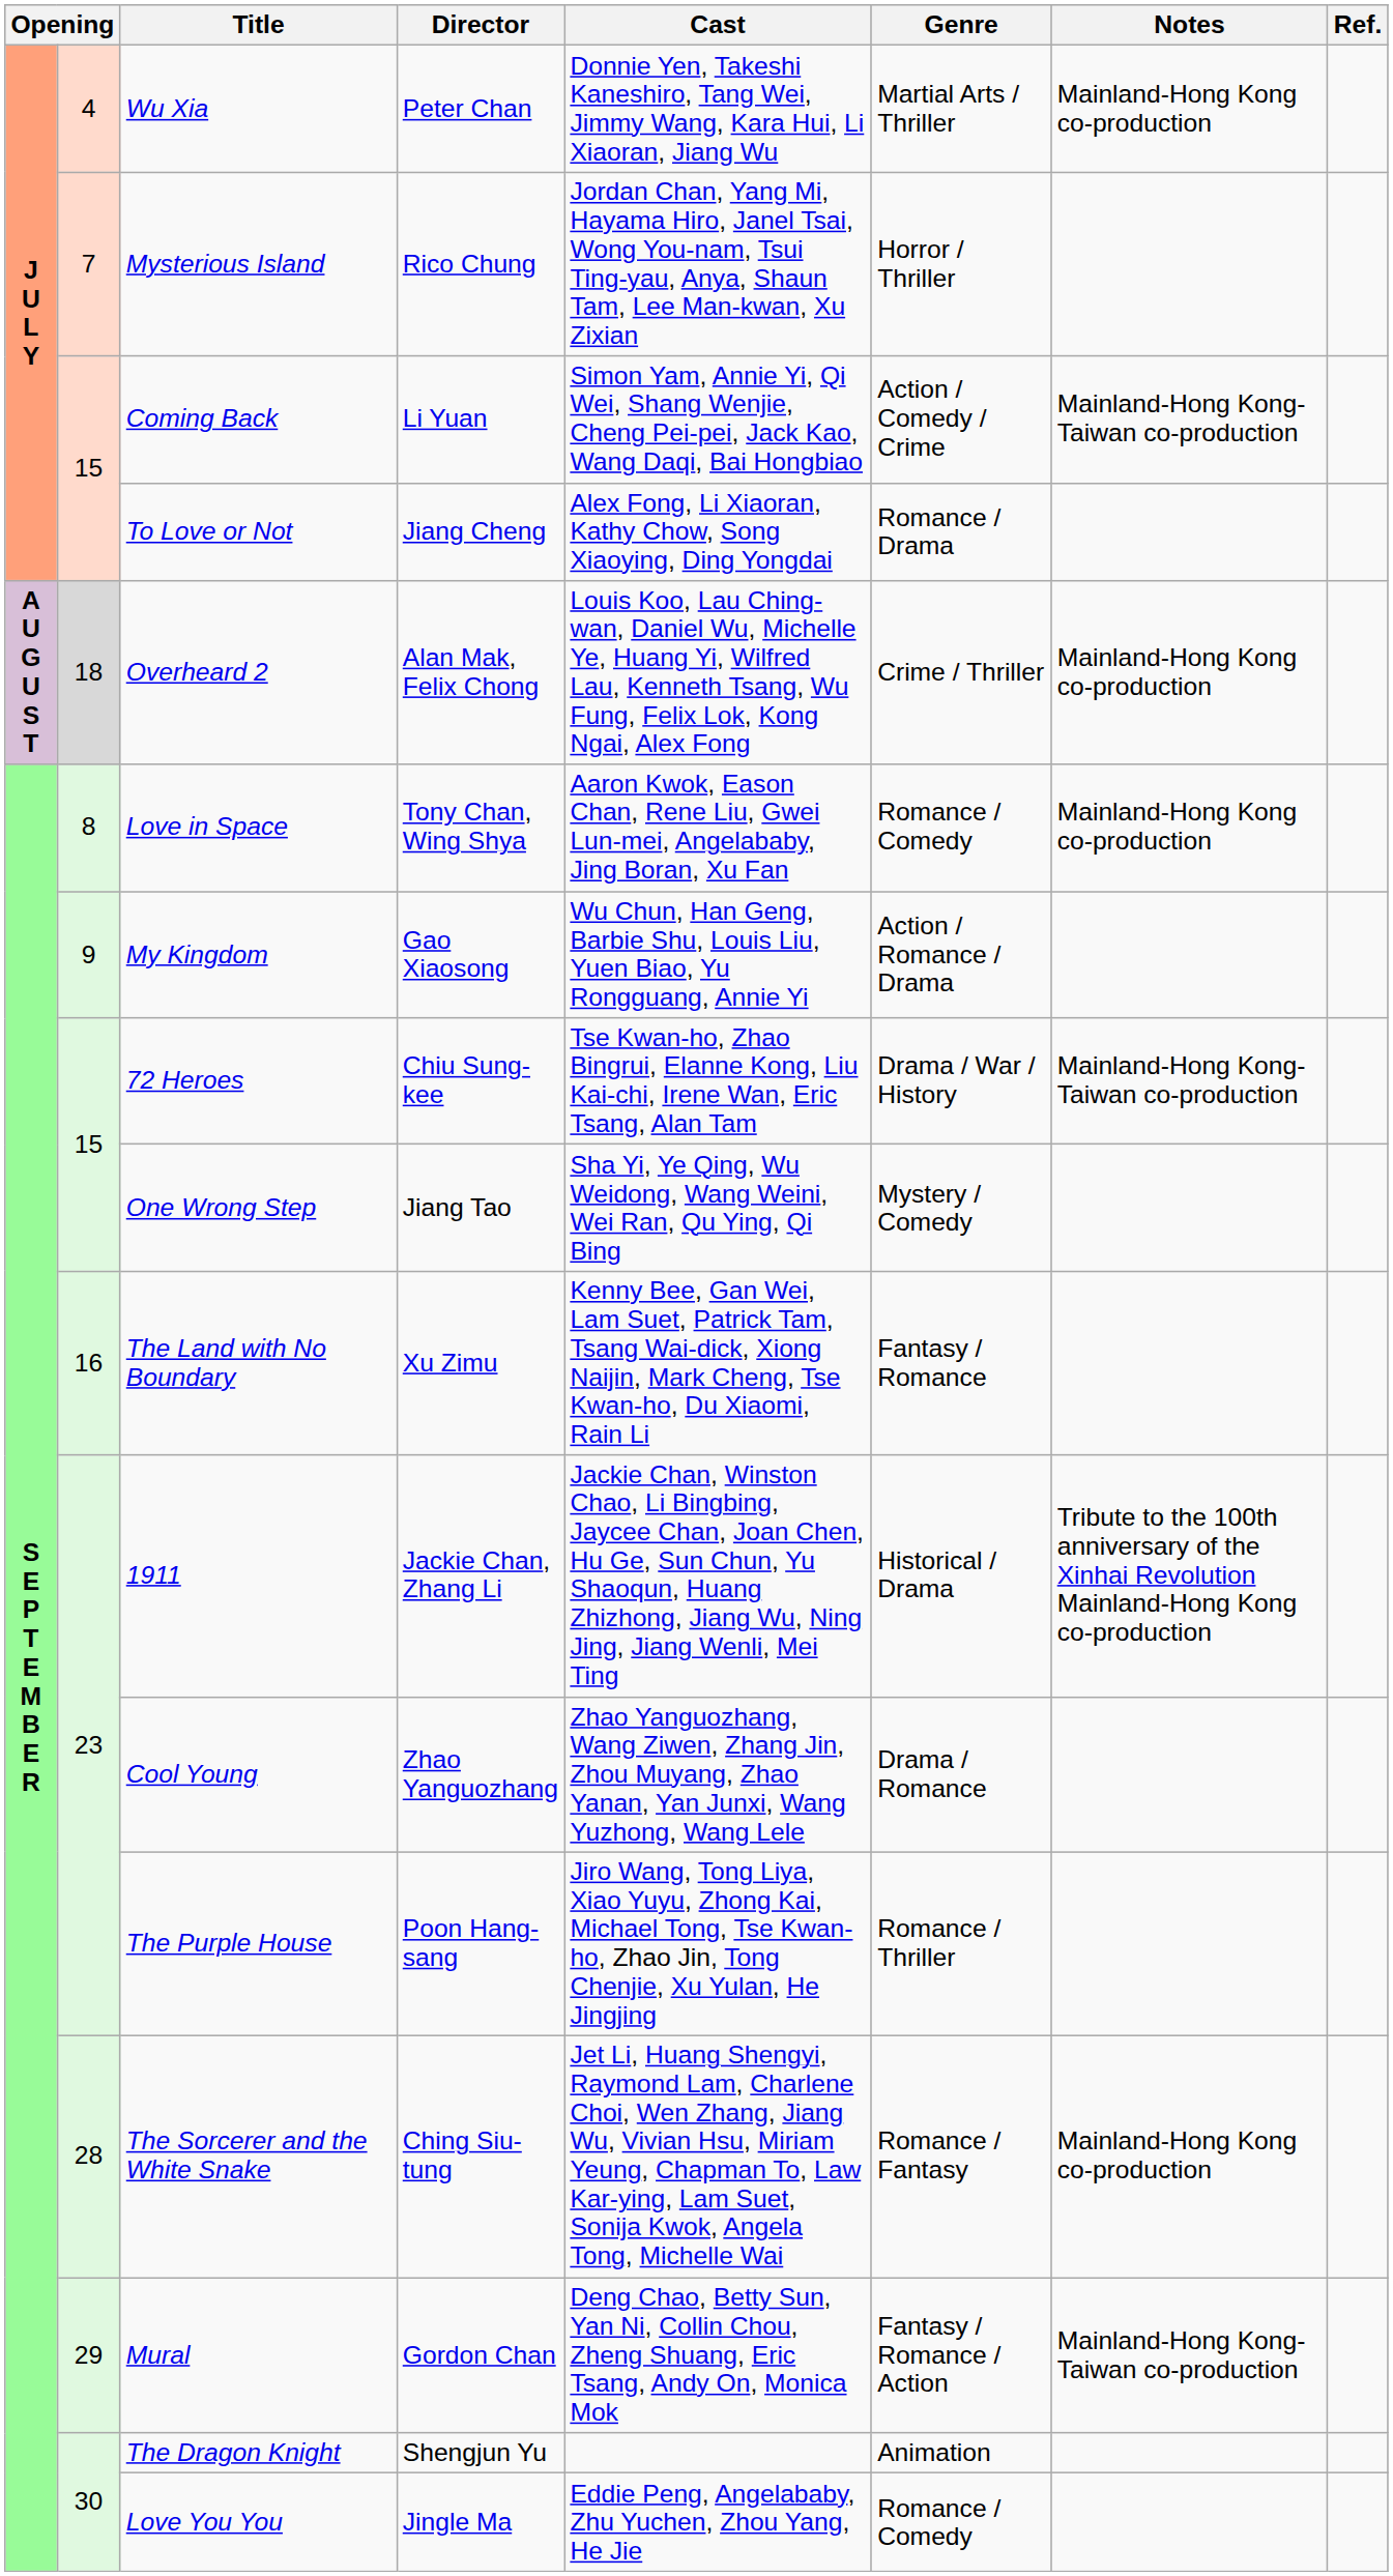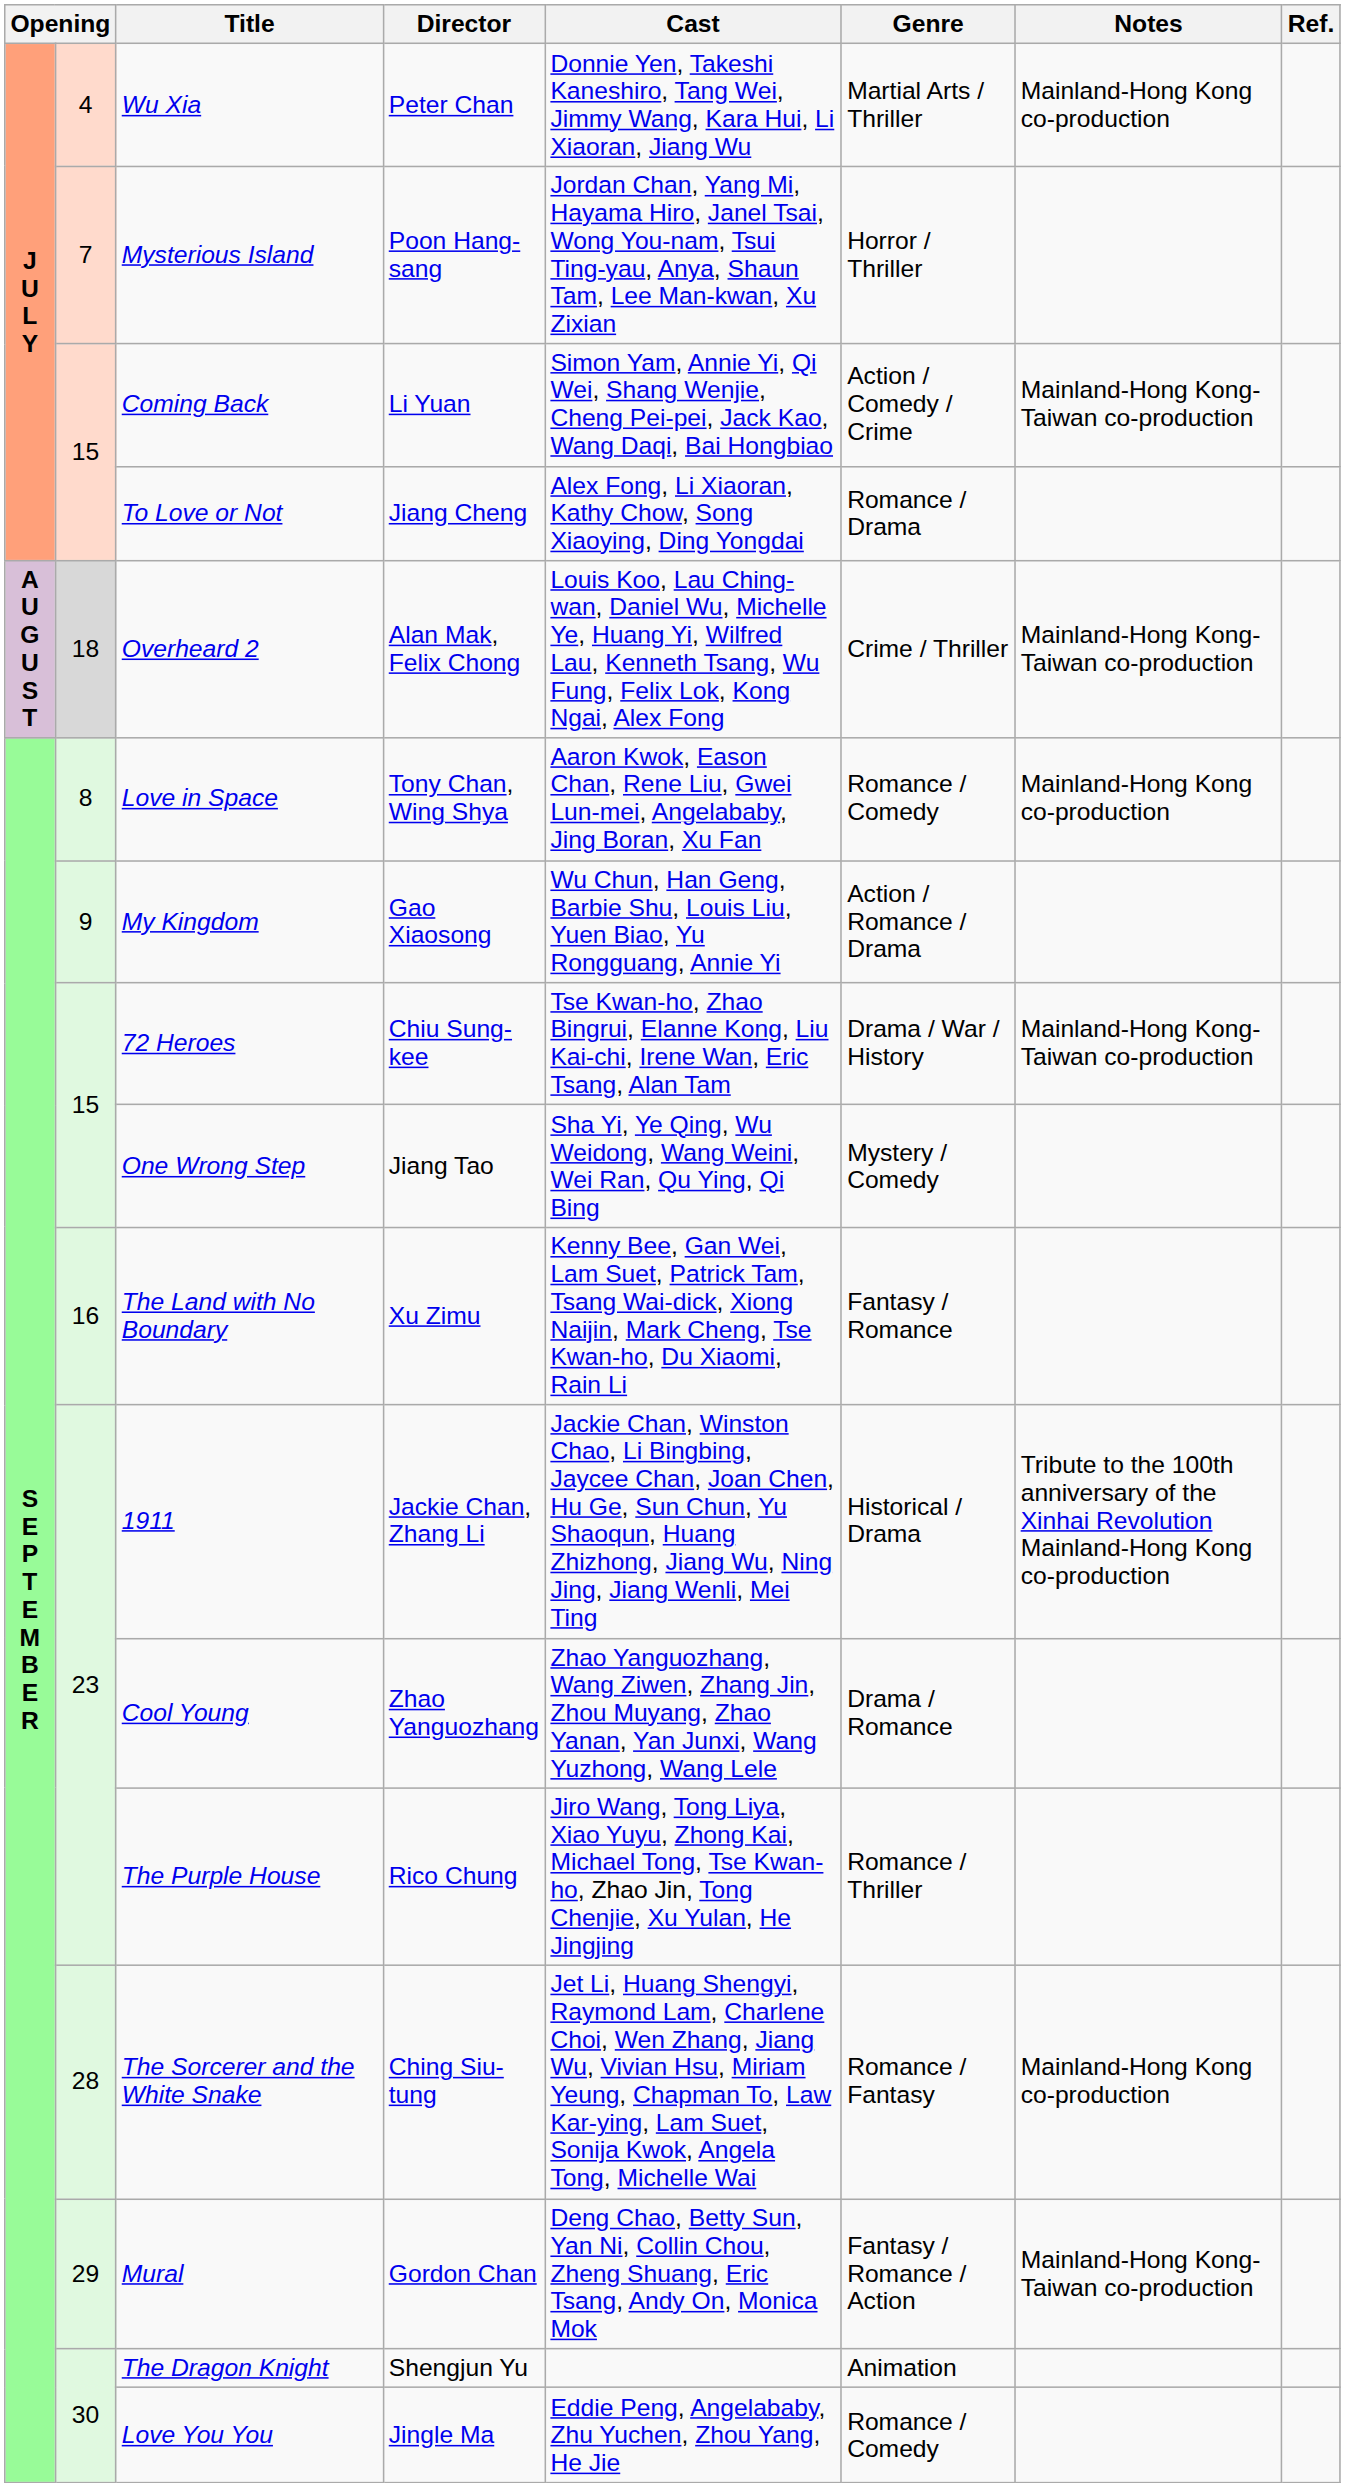 <table class="wikitable">
 <tr>
 <th colspan="2">Opening</th>
 <th style="width:20%;">Title</th>
 <th style="width:10%;">Director</th>
 <th>Cast</th>
 <th style="width:13%">Genre</th>
 <th style="width:20%">Notes</th>
 <th>Ref.</th>
 </tr>
 <tr>
 <th rowspan=4 style="text-align:center; background:#ffa07a; textcolor:#000;">J<br>U<br>L<br>Y</th>
 <td rowspan=1 style="text-align:center; background:#ffdacc; textcolor:#000;">4</td>
 <td><em><a href='#'>Wu Xia</a></em></td>
 <td><a href='#'>Peter Chan</a></td>
 <td><a href='#'>Donnie Yen</a>, <a href='#'>Takeshi Kaneshiro</a>, <a href='#'>Tang Wei</a>, <a href='#'>Jimmy Wang</a>, <a href='#'>Kara Hui</a>, <a href='#'>Li Xiaoran</a>, <a href='#'>Jiang Wu</a></td>
 <td>Martial Arts / Thriller</td>
 <td>Mainland-Hong Kong co-production</td>
 <td style="text-align:center;"></td>
 </tr>
 <tr>
 <td rowspan=1 style="text-align:center; background:#ffdacc; textcolor:#000;">7</td>
 <td><em><a href='#'>Mysterious Island</a></em></td>
-<td><a href='#'>Rico Chung</a></td>
+<td><a href='#'>Poon Hang-sang</a></td>
 <td><a href='#'>Jordan Chan</a>, <a href='#'>Yang Mi</a>, <a href='#'>Hayama Hiro</a>, <a href='#'>Janel Tsai</a>, <a href='#'>Wong You-nam</a>, <a href='#'>Tsui Ting-yau</a>, <a href='#'>Anya</a>, <a href='#'>Shaun Tam</a>, <a href='#'>Lee Man-kwan</a>, <a href='#'>Xu Zixian</a></td>
 <td>Horror / Thriller</td>
 <td></td>
 <td style="text-align:center;"></td>
 </tr>
 <tr>
 <td rowspan=2 style="text-align:center; background:#ffdacc; textcolor:#000;">15</td>
 <td><em><a href='#'>Coming Back</a></em></td>
 <td><a href='#'>Li Yuan</a></td>
 <td><a href='#'>Simon Yam</a>, <a href='#'>Annie Yi</a>, <a href='#'>Qi Wei</a>, <a href='#'>Shang Wenjie</a>, <a href='#'>Cheng Pei-pei</a>, <a href='#'>Jack Kao</a>, <a href='#'>Wang Daqi</a>, <a href='#'>Bai Hongbiao</a></td>
 <td>Action / Comedy / Crime</td>
 <td>Mainland-Hong Kong-Taiwan co-production</td>
 <td style="text-align:center;"></td>
 </tr>
 <tr>
 <td><em><a href='#'>To Love or Not</a></em></td>
 <td><a href='#'>Jiang Cheng</a></td>
 <td><a href='#'>Alex Fong</a>, <a href='#'>Li Xiaoran</a>, <a href='#'>Kathy Chow</a>, <a href='#'>Song Xiaoying</a>, <a href='#'>Ding Yongdai</a></td>
 <td>Romance / Drama</td>
 <td></td>
 <td style="text-align:center;"></td>
 </tr>
 <tr>
 <th rowspan=1 style="text-align:center; background:thistle; textcolor:#000;">A<br>U<br>G<br>U<br>S<br>T</th>
 <td rowspan=1 style="text-align:center; background:#d8d8d8; textcolor:#000;">18</td>
 <td><em><a href='#'>Overheard 2</a></em></td>
 <td><a href='#'>Alan Mak</a>, <a href='#'>Felix Chong</a></td>
 <td><a href='#'>Louis Koo</a>, <a href='#'>Lau Ching-wan</a>, <a href='#'>Daniel Wu</a>, <a href='#'>Michelle Ye</a>, <a href='#'>Huang Yi</a>, <a href='#'>Wilfred Lau</a>, <a href='#'>Kenneth Tsang</a>, <a href='#'>Wu Fung</a>, <a href='#'>Felix Lok</a>, <a href='#'>Kong Ngai</a>, <a href='#'>Alex Fong</a></td>
 <td>Crime / Thriller</td>
-<td>Mainland-Hong Kong co-production</td>
+<td>Mainland-Hong Kong-Taiwan co-production</td>
 <td style="text-align:center;"></td>
 </tr>
 <tr>
 <th rowspan=12 style="text-align:center; background:#98fb98; textcolor:#000;">S<br>E<br>P<br>T<br>E<br>M<br>B<br>E<br>R</th>
 <td rowspan=1 style="text-align:center; background:#e0f9e0; textcolor:#000;">8</td>
 <td><em><a href='#'>Love in Space</a></em></td>
 <td><a href='#'>Tony Chan</a>, <a href='#'>Wing Shya</a></td>
 <td><a href='#'>Aaron Kwok</a>, <a href='#'>Eason Chan</a>, <a href='#'>Rene Liu</a>, <a href='#'>Gwei Lun-mei</a>, <a href='#'>Angelababy</a>, <a href='#'>Jing Boran</a>, <a href='#'>Xu Fan</a></td>
 <td>Romance / Comedy</td>
 <td>Mainland-Hong Kong co-production</td>
 <td style="text-align:center;"></td>
 </tr>
 <tr>
 <td rowspan=1 style="text-align:center; background:#e0f9e0; textcolor:#000;">9</td>
 <td><em><a href='#'>My Kingdom</a></em></td>
 <td><a href='#'>Gao Xiaosong</a></td>
 <td><a href='#'>Wu Chun</a>, <a href='#'>Han Geng</a>, <a href='#'>Barbie Shu</a>, <a href='#'>Louis Liu</a>, <a href='#'>Yuen Biao</a>, <a href='#'>Yu Rongguang</a>, <a href='#'>Annie Yi</a></td>
 <td>Action / Romance / Drama</td>
 <td></td>
 <td style="text-align:center;"></td>
 </tr>
 <tr>
 <td rowspan=2 style="text-align:center; background:#e0f9e0; textcolor:#000;">15</td>
 <td><em><a href='#'>72 Heroes</a></em></td>
 <td><a href='#'>Chiu Sung-kee</a></td>
 <td><a href='#'>Tse Kwan-ho</a>, <a href='#'>Zhao Bingrui</a>, <a href='#'>Elanne Kong</a>, <a href='#'>Liu Kai-chi</a>, <a href='#'>Irene Wan</a>, <a href='#'>Eric Tsang</a>, <a href='#'>Alan Tam</a></td>
 <td>Drama / War / History</td>
 <td>Mainland-Hong Kong-Taiwan co-production</td>
 <td style="text-align:center;"></td>
 </tr>
 <tr>
 <td><em><a href='#'>One Wrong Step</a></em></td>
 <td>Jiang Tao</td>
 <td><a href='#'>Sha Yi</a>, <a href='#'>Ye Qing</a>, <a href='#'>Wu Weidong</a>, <a href='#'>Wang Weini</a>, <a href='#'>Wei Ran</a>, <a href='#'>Qu Ying</a>, <a href='#'>Qi Bing</a></td>
 <td>Mystery / Comedy</td>
 <td></td>
 <td style="text-align:center;"></td>
 </tr>
 <tr>
 <td rowspan=1 style="text-align:center; background:#e0f9e0; textcolor:#000;">16</td>
 <td><em><a href='#'>The Land with No Boundary</a></em></td>
 <td><a href='#'>Xu Zimu</a></td>
 <td><a href='#'>Kenny Bee</a>, <a href='#'>Gan Wei</a>, <a href='#'>Lam Suet</a>, <a href='#'>Patrick Tam</a>, <a href='#'>Tsang Wai-dick</a>, <a href='#'>Xiong Naijin</a>, <a href='#'>Mark Cheng</a>, <a href='#'>Tse Kwan-ho</a>, <a href='#'>Du Xiaomi</a>, <a href='#'>Rain Li</a></td>
 <td>Fantasy / Romance</td>
 <td></td>
 <td style="text-align:center;"></td>
 </tr>
 <tr>
 <td rowspan=3 style="text-align:center; background:#e0f9e0; textcolor:#000;">23</td>
 <td><em><a href='#'>1911</a></em></td>
 <td><a href='#'>Jackie Chan</a>, <a href='#'>Zhang Li</a></td>
 <td><a href='#'>Jackie Chan</a>, <a href='#'>Winston Chao</a>, <a href='#'>Li Bingbing</a>, <a href='#'>Jaycee Chan</a>, <a href='#'>Joan Chen</a>, <a href='#'>Hu Ge</a>, <a href='#'>Sun Chun</a>, <a href='#'>Yu Shaoqun</a>, <a href='#'>Huang Zhizhong</a>, <a href='#'>Jiang Wu</a>, <a href='#'>Ning Jing</a>, <a href='#'>Jiang Wenli</a>, <a href='#'>Mei Ting</a></td>
 <td>Historical / Drama</td>
 <td>Tribute to the 100th anniversary of the <a href='#'>Xinhai Revolution</a> <br> Mainland-Hong Kong co-production</td>
 <td style="text-align:center;"></td>
 </tr>
 <tr>
 <td><em><a href='#'>Cool Young</a></em></td>
 <td><a href='#'>Zhao Yanguozhang</a></td>
 <td><a href='#'>Zhao Yanguozhang</a>, <a href='#'>Wang Ziwen</a>, <a href='#'>Zhang Jin</a>, <a href='#'>Zhou Muyang</a>, <a href='#'>Zhao Yanan</a>, <a href='#'>Yan Junxi</a>, <a href='#'>Wang Yuzhong</a>, <a href='#'>Wang Lele</a></td>
 <td>Drama / Romance</td>
 <td></td>
 <td style="text-align:center;"></td>
 </tr>
 <tr>
 <td><em><a href='#'>The Purple House</a></em></td>
-<td><a href='#'>Poon Hang-sang</a></td>
+<td><a href='#'>Rico Chung</a></td>
 <td><a href='#'>Jiro Wang</a>, <a href='#'>Tong Liya</a>, <a href='#'>Xiao Yuyu</a>, <a href='#'>Zhong Kai</a>, <a href='#'>Michael Tong</a>, <a href='#'>Tse Kwan-ho</a>, Zhao Jin, <a href='#'>Tong Chenjie</a>, <a href='#'>Xu Yulan</a>, <a href='#'>He Jingjing</a></td>
 <td>Romance / Thriller</td>
 <td></td>
 <td style="text-align:center;"></td>
 </tr>
 <tr>
 <td rowspan=1 style="text-align:center; background:#e0f9e0; textcolor:#000;">28</td>
 <td><em><a href='#'>The Sorcerer and the White Snake</a></em></td>
 <td><a href='#'>Ching Siu-tung</a></td>
 <td><a href='#'>Jet Li</a>, <a href='#'>Huang Shengyi</a>, <a href='#'>Raymond Lam</a>, <a href='#'>Charlene Choi</a>, <a href='#'>Wen Zhang</a>, <a href='#'>Jiang Wu</a>, <a href='#'>Vivian Hsu</a>, <a href='#'>Miriam Yeung</a>, <a href='#'>Chapman To</a>, <a href='#'>Law Kar-ying</a>, <a href='#'>Lam Suet</a>, <a href='#'>Sonija Kwok</a>, <a href='#'>Angela Tong</a>, <a href='#'>Michelle Wai</a></td>
 <td>Romance / Fantasy</td>
 <td>Mainland-Hong Kong co-production</td>
 <td style="text-align:center;"></td>
 </tr>
 <tr>
 <td rowspan=1 style="text-align:center; background:#e0f9e0; textcolor:#000;">29</td>
 <td><em><a href='#'>Mural</a></em></td>
 <td><a href='#'>Gordon Chan</a></td>
 <td><a href='#'>Deng Chao</a>, <a href='#'>Betty Sun</a>, <a href='#'>Yan Ni</a>, <a href='#'>Collin Chou</a>, <a href='#'>Zheng Shuang</a>, <a href='#'>Eric Tsang</a>, <a href='#'>Andy On</a>, <a href='#'>Monica Mok</a></td>
 <td>Fantasy / Romance / Action</td>
 <td>Mainland-Hong Kong-Taiwan co-production</td>
 <td style="text-align:center;"></td>
 </tr>
 <tr>
 <td rowspan=2 style="text-align:center; background:#e0f9e0; textcolor:#000;">30</td>
 <td><em><a href='#'>The Dragon Knight</a></em></td>
 <td>Shengjun Yu</td>
 <td></td>
 <td>Animation</td>
 <td></td>
 <td style="text-align:center;"></td>
 </tr>
 <tr>
 <td><em><a href='#'>Love You You</a></em></td>
 <td><a href='#'>Jingle Ma</a></td>
 <td><a href='#'>Eddie Peng</a>, <a href='#'>Angelababy</a>, <a href='#'>Zhu Yuchen</a>, <a href='#'>Zhou Yang</a>, <a href='#'>He Jie</a></td>
 <td>Romance / Comedy</td>
 <td></td>
 <td style="text-align:center;"></td>
 </tr>
 </table>
